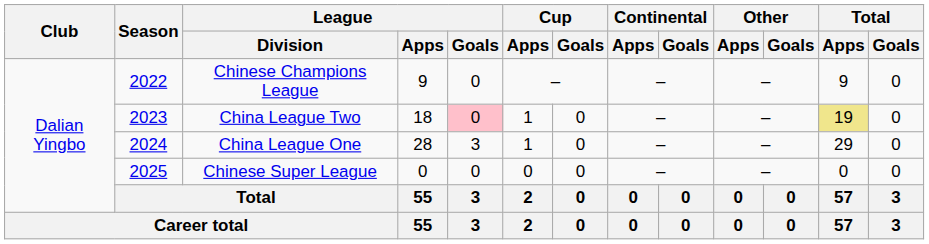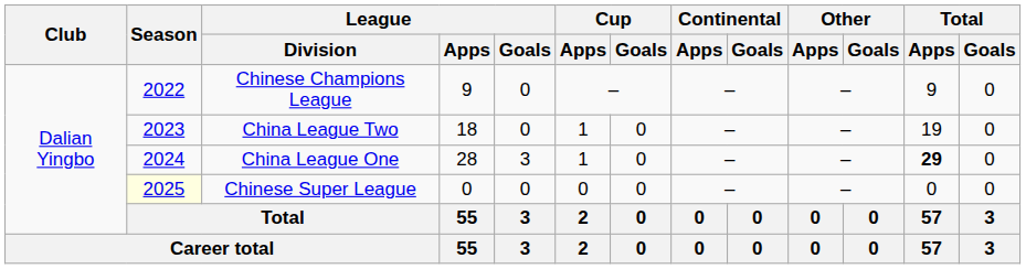 <table class="wikitable" style="text-align: center">
 <tr>
 <th rowspan="2">Club</th>
 <th rowspan="2">Season</th>
 <th colspan="3">League</th>
 <th colspan="2">Cup</th>
 <th colspan="2">Continental</th>
 <th colspan="2">Other</th>
 <th colspan="2">Total</th>
 </tr>
 <tr>
 <th>Division</th>
 <th>Apps</th>
 <th>Goals</th>
 <th>Apps</th>
 <th>Goals</th>
 <th>Apps</th>
 <th>Goals</th>
 <th>Apps</th>
 <th>Goals</th>
 <th>Apps</th>
 <th>Goals</th>
 </tr>
 <tr>
 <td rowspan="5"><a href='#'>Dalian Yingbo</a></td>
 <td><a href='#'>2022</a></td>
 <td><a href='#'>Chinese Champions League</a></td>
 <td>9</td>
 <td>0</td>
 <td colspan="2">–</td>
 <td colspan="2">–</td>
 <td colspan="2">–</td>
 <td>9</td>
 <td>0</td>
 </tr>
 <tr>
 <td><a href='#'>2023</a></td>
 <td><a href='#'>China League Two</a></td>
 <td>18</td>
-<td style="background: pink;">0</td>
+<td>0</td>
 <td>1</td>
 <td>0</td>
 <td colspan="2">–</td>
 <td colspan="2">–</td>
-<td style="background: khaki;">19</td>
+<td>19</td>
 <td>0</td>
 </tr>
 <tr>
 <td><a href='#'>2024</a></td>
 <td><a href='#'>China League One</a></td>
 <td>28</td>
 <td>3</td>
 <td>1</td>
 <td>0</td>
 <td colspan="2">–</td>
 <td colspan="2">–</td>
-<td>29</td>
+<td><strong>29</strong></td>
 <td>0</td>
 </tr>
 <tr>
-<td><a href='#'>2025</a></td>
+<td style="background: lightyellow;"><a href='#'>2025</a></td>
 <td><a href='#'>Chinese Super League</a></td>
 <td>0</td>
 <td>0</td>
 <td>0</td>
 <td>0</td>
 <td colspan="2">–</td>
 <td colspan="2">–</td>
 <td>0</td>
 <td>0</td>
 </tr>
 <tr>
 <th colspan=2>Total</th>
 <th>55</th>
 <th>3</th>
 <th>2</th>
 <th>0</th>
 <th>0</th>
 <th>0</th>
 <th>0</th>
 <th>0</th>
 <th>57</th>
 <th>3</th>
 </tr>
 <tr>
 <th colspan=3>Career total</th>
 <th>55</th>
 <th>3</th>
 <th>2</th>
 <th>0</th>
 <th>0</th>
 <th>0</th>
 <th>0</th>
 <th>0</th>
 <th>57</th>
 <th>3</th>
 </tr>
 </table>
